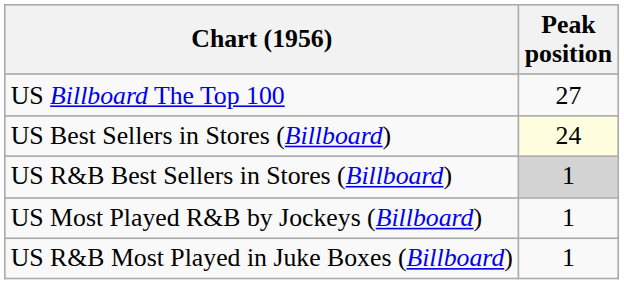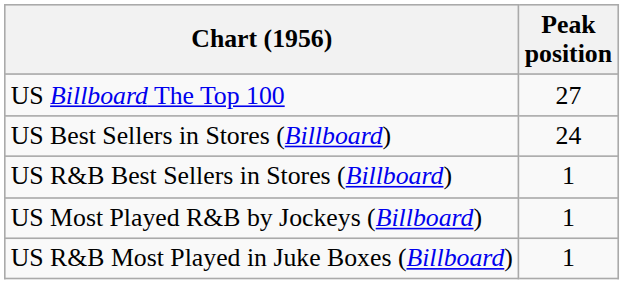 <table class="wikitable">
 <tr>
 <th>Chart (1956)</th>
 <th>Peak<br>position</th>
 </tr>
 <tr>
 <td>US <a href='#'><em>Billboard</em> The Top 100</a></td>
 <td style="text-align:center;">27</td>
 </tr>
 <tr>
 <td>US Best Sellers in Stores (<em><a href='#'>Billboard</a></em>)</td>
-<td style="background: lightyellow; text-align:center;">24</td>
+<td style="text-align:center;">24</td>
 </tr>
 <tr>
 <td>US R&B Best Sellers in Stores (<em><a href='#'>Billboard</a></em>)</td>
-<td style="background: lightgrey; text-align:center;">1</td>
+<td style="text-align:center;">1</td>
 </tr>
 <tr>
 <td>US Most Played R&B by Jockeys (<em><a href='#'>Billboard</a></em>)</td>
 <td style="text-align:center;">1</td>
 </tr>
 <tr>
 <td>US R&B Most Played in Juke Boxes (<em><a href='#'>Billboard</a></em>)</td>
 <td style="text-align:center;">1</td>
 </tr>
 </table>
